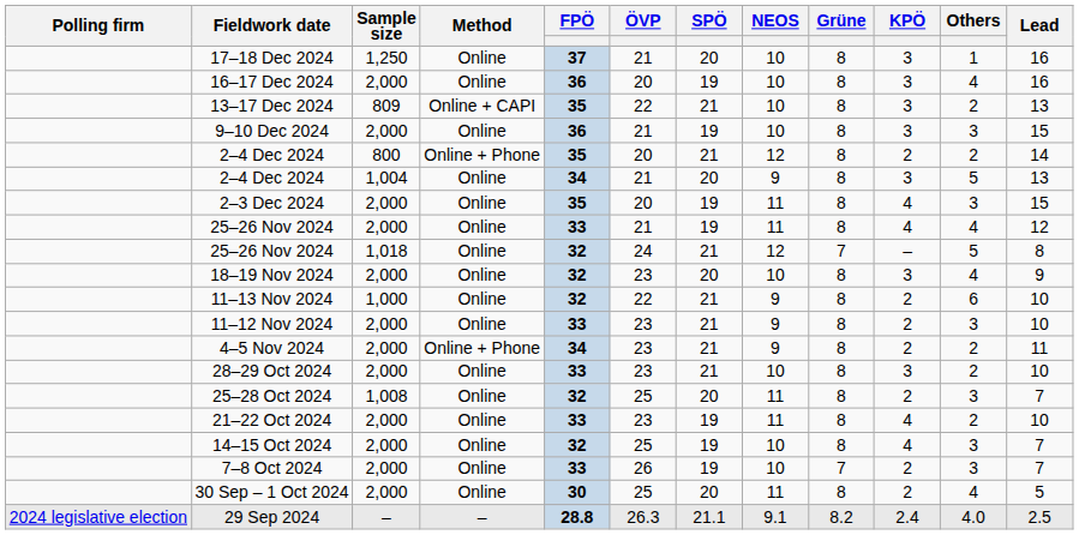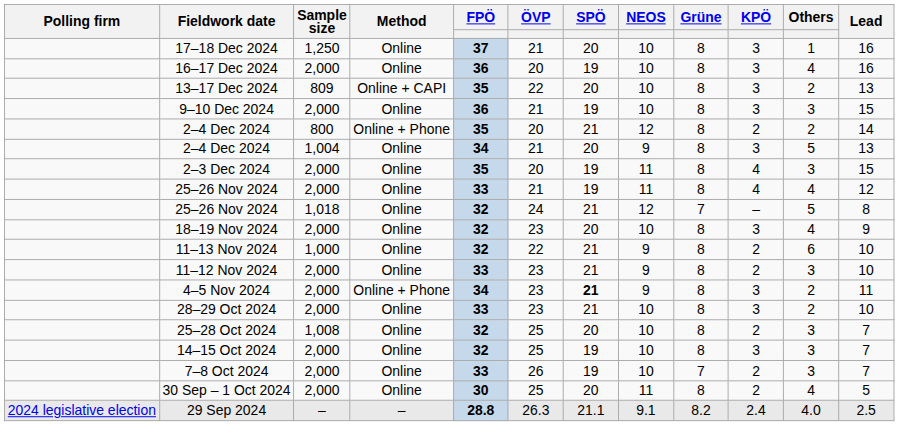 <table class="wikitable sortable mw-datatable" style="text-align:center;font-size:90%;line-height:14px;">
 <tr>
 <th rowspan="2">Polling firm</th>
 <th rowspan="2">Fieldwork date</th>
 <th rowspan="2">Sample<br>size</th>
 <th rowspan="2">Method</th>
 <th class="unsortable" style="width:50px;"><a href='#'>FPÖ</a></th>
 <th class="unsortable" style="width:50px;"><a href='#'>ÖVP</a></th>
 <th class="unsortable" style="width:50px;"><a href='#'>SPÖ</a></th>
 <th class="unsortable" style="width:50px;"><a href='#'>NEOS</a></th>
 <th class="unsortable" style="width:50px;"><a href='#'>Grüne</a></th>
 <th class="unsortable" style="width:50px;"><a href='#'>KPÖ</a></th>
 <th class="unsortable" style="width:50px;">Others</th>
 <th rowspan="2" class="unsortable" style="width:50px;">Lead</th>
 </tr>
 <tr>
 <th style="background:"></th>
 <th style="background:"></th>
 <th style="background:"></th>
 <th style="background:"></th>
 <th style="background:"></th>
 <th style="background:"></th>
 <th style="background:"></th>
 </tr>
 <tr>
 <td></td>
 <td>17–18 Dec 2024</td>
 <td>1,250</td>
 <td>Online</td>
 <td style="background:#C6D9EA;"><strong>37</strong></td>
 <td>21</td>
 <td>20</td>
 <td>10</td>
 <td>8</td>
 <td>3</td>
 <td>1</td>
 <td style="background:">16</td>
 </tr>
 <tr>
 <td></td>
 <td>16–17 Dec 2024</td>
 <td>2,000</td>
 <td>Online</td>
 <td style="background:#C6D9EA;"><strong>36</strong></td>
 <td>20</td>
 <td>19</td>
 <td>10</td>
 <td>8</td>
 <td>3</td>
 <td>4</td>
 <td style="background:">16</td>
 </tr>
 <tr>
 <td></td>
 <td>13–17 Dec 2024</td>
 <td>809</td>
 <td>Online + CAPI</td>
 <td style="background:#C6D9EA;"><strong>35</strong></td>
 <td>22</td>
-<td>21</td>
+<td>20</td>
 <td>10</td>
 <td>8</td>
 <td>3</td>
 <td>2</td>
 <td style="background:">13</td>
 </tr>
 <tr>
 <td></td>
 <td>9–10 Dec 2024</td>
 <td>2,000</td>
 <td>Online</td>
 <td style="background:#C6D9EA;"><strong>36</strong></td>
 <td>21</td>
 <td>19</td>
 <td>10</td>
 <td>8</td>
 <td>3</td>
 <td>3</td>
 <td style="background:">15</td>
 </tr>
 <tr>
 <td></td>
 <td>2–4 Dec 2024</td>
 <td>800</td>
 <td>Online + Phone</td>
 <td style="background:#C6D9EA;"><strong>35</strong></td>
 <td>20</td>
 <td>21</td>
 <td>12</td>
 <td>8</td>
 <td>2</td>
 <td>2</td>
 <td style="background:">14</td>
 </tr>
 <tr>
 <td></td>
 <td>2–4 Dec 2024</td>
 <td>1,004</td>
 <td>Online</td>
 <td style="background:#C6D9EA;"><strong>34</strong></td>
 <td>21</td>
 <td>20</td>
 <td>9</td>
 <td>8</td>
 <td>3</td>
 <td>5</td>
 <td style="background:">13</td>
 </tr>
 <tr>
 <td></td>
 <td>2–3 Dec 2024</td>
 <td>2,000</td>
 <td>Online</td>
 <td style="background:#C6D9EA;"><strong>35</strong></td>
 <td>20</td>
 <td>19</td>
 <td>11</td>
 <td>8</td>
 <td>4</td>
 <td>3</td>
 <td style="background:">15</td>
 </tr>
 <tr>
 <td></td>
 <td>25–26 Nov 2024</td>
 <td>2,000</td>
 <td>Online</td>
 <td style="background:#C6D9EA;"><strong>33</strong></td>
 <td>21</td>
 <td>19</td>
 <td>11</td>
 <td>8</td>
 <td>4</td>
 <td>4</td>
 <td style="background:">12</td>
 </tr>
 <tr>
 <td></td>
 <td>25–26 Nov 2024</td>
 <td>1,018</td>
 <td>Online</td>
 <td style="background:#C6D9EA;"><strong>32</strong></td>
 <td>24</td>
 <td>21</td>
 <td>12</td>
 <td>7</td>
 <td>–</td>
 <td>5</td>
 <td style="background:">8</td>
 </tr>
 <tr>
 <td></td>
 <td>18–19 Nov 2024</td>
 <td>2,000</td>
 <td>Online</td>
 <td style="background:#C6D9EA;"><strong>32</strong></td>
 <td>23</td>
 <td>20</td>
 <td>10</td>
 <td>8</td>
 <td>3</td>
 <td>4</td>
 <td style="background:">9</td>
 </tr>
 <tr>
 <td></td>
 <td>11–13 Nov 2024</td>
 <td>1,000</td>
 <td>Online</td>
 <td style="background:#C6D9EA;"><strong>32</strong></td>
 <td>22</td>
 <td>21</td>
 <td>9</td>
 <td>8</td>
 <td>2</td>
 <td>6</td>
 <td style="background:">10</td>
 </tr>
 <tr>
 <td></td>
 <td>11–12 Nov 2024</td>
 <td>2,000</td>
 <td>Online</td>
 <td style="background:#C6D9EA;"><strong>33</strong></td>
 <td>23</td>
 <td>21</td>
 <td>9</td>
 <td>8</td>
 <td>2</td>
 <td>3</td>
 <td style="background:">10</td>
 </tr>
 <tr>
 <td></td>
 <td>4–5 Nov 2024</td>
 <td>2,000</td>
 <td>Online + Phone</td>
 <td style="background:#C6D9EA;"><strong>34</strong></td>
 <td>23</td>
-<td>21</td>
+<td><strong>21</strong></td>
 <td>9</td>
 <td>8</td>
-<td>2</td>
+<td>3</td>
 <td>2</td>
 <td style="background:">11</td>
 </tr>
 <tr>
 <td></td>
 <td>28–29 Oct 2024</td>
 <td>2,000</td>
 <td>Online</td>
 <td style="background:#C6D9EA;"><strong>33</strong></td>
 <td>23</td>
 <td>21</td>
 <td>10</td>
 <td>8</td>
 <td>3</td>
 <td>2</td>
 <td style="background:">10</td>
 </tr>
 <tr>
 <td></td>
 <td>25–28 Oct 2024</td>
 <td>1,008</td>
 <td>Online</td>
 <td style="background:#C6D9EA;"><strong>32</strong></td>
 <td>25</td>
 <td>20</td>
-<td>11</td>
+<td>10</td>
 <td>8</td>
 <td>2</td>
 <td>3</td>
 <td style="background:">7</td>
-</tr>
-<tr>
-<td></td>
-<td>21–22 Oct 2024</td>
-<td>2,000</td>
-<td>Online</td>
-<td style="background:#C6D9EA;"><strong>33</strong></td>
-<td>23</td>
-<td>19</td>
-<td>11</td>
-<td>8</td>
-<td>4</td>
-<td>2</td>
-<td style="background:">10</td>
 </tr>
 <tr>
 <td></td>
 <td>14–15 Oct 2024</td>
 <td>2,000</td>
 <td>Online</td>
 <td style="background:#C6D9EA;"><strong>32</strong></td>
 <td>25</td>
 <td>19</td>
 <td>10</td>
 <td>8</td>
-<td>4</td>
+<td>3</td>
 <td>3</td>
 <td style="background:">7</td>
 </tr>
 <tr>
 <td></td>
 <td>7–8 Oct 2024</td>
 <td>2,000</td>
 <td>Online</td>
 <td style="background:#C6D9EA;"><strong>33</strong></td>
 <td>26</td>
 <td>19</td>
 <td>10</td>
 <td>7</td>
 <td>2</td>
 <td>3</td>
 <td style="background:">7</td>
 </tr>
 <tr>
 <td></td>
 <td>30 Sep – 1 Oct 2024</td>
 <td>2,000</td>
 <td>Online</td>
 <td style="background:#C6D9EA;"><strong>30</strong></td>
 <td>25</td>
 <td>20</td>
 <td>11</td>
 <td>8</td>
 <td>2</td>
 <td>4</td>
 <td style="background:">5</td>
 </tr>
 <tr style="background:#E9E9E9;">
 <td><a href='#'>2024 legislative election</a></td>
 <td data-sort-value="2024-09-29">29 Sep 2024</td>
 <td>–</td>
 <td>–</td>
 <td style="background:#C6D9EA;"><strong>28.8</strong></td>
 <td>26.3</td>
 <td>21.1</td>
 <td>9.1</td>
 <td>8.2</td>
 <td>2.4</td>
 <td>4.0</td>
 <td style="background:">2.5</td>
 </tr>
 </table>
